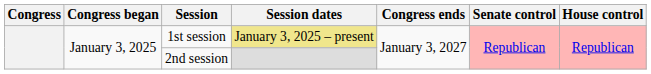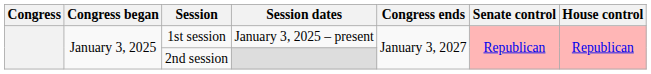 <table class=wikitable style="text-align:center">
 <tr>
 <th>Congress</th>
 <th>Congress began</th>
 <th>Session</th>
 <th>Session dates</th>
 <th>Congress ends</th>
 <th>Senate control</th>
 <th>House control</th>
 </tr>
 <tr>
 <th rowspan=2></th>
 <td rowspan=2>January 3, 2025</td>
 <td>1st session</td>
-<td align="center" style="background: khaki;">January 3, 2025 – present</td>
+<td align="center">January 3, 2025 – present</td>
 <td rowspan=2>January 3, 2027</td>
 <td rowspan=2 style="background-color:#FFB6B6" align="center"><a href='#'>Republican</a></td>
 <td rowspan=2 style="background-color:#FFB6B6" align="center"><a href='#'>Republican</a></td>
 </tr>
 <tr>
 <td>2nd session</td>
 <td style="background-color:#dddddd" align="center"></td>
 </tr>
 </table>
